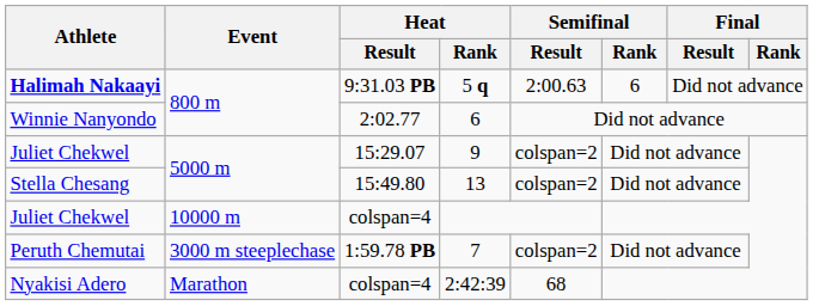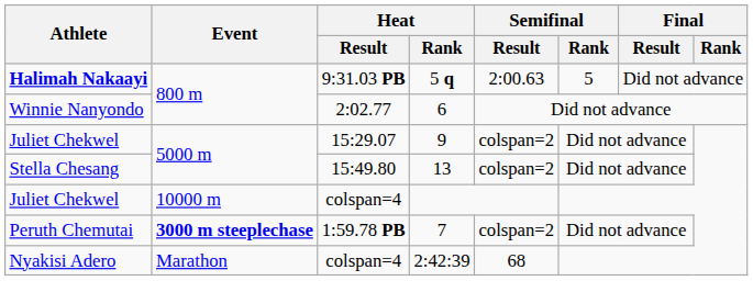 <table class="wikitable" style="font-size:90%">
 <tr>
 <th rowspan="2">Athlete</th>
 <th rowspan="2">Event</th>
 <th colspan="2">Heat</th>
 <th colspan="2">Semifinal</th>
 <th colspan="2">Final</th>
 </tr>
 <tr style="font-size:95%">
 <th>Result</th>
 <th>Rank</th>
 <th>Result</th>
 <th>Rank</th>
 <th>Result</th>
 <th>Rank</th>
 </tr>
 <tr align=center>
 <td align=left><strong><a href='#'>Halimah Nakaayi</a></strong></td>
 <td align=left rowspan=2><a href='#'>800 m</a></td>
 <td>9:31.03 <strong>PB</strong></td>
 <td>5 <strong>q</strong></td>
 <td>2:00.63</td>
-<td>6</td>
+<td>5</td>
 <td colspan=2>Did not advance</td>
 </tr>
 <tr align=center>
 <td align=left><a href='#'>Winnie Nanyondo</a></td>
 <td>2:02.77</td>
 <td>6</td>
 <td colspan=4>Did not advance</td>
 </tr>
 <tr align=center>
 <td align=left><a href='#'>Juliet Chekwel</a></td>
 <td align=left rowspan=2><a href='#'>5000 m</a></td>
 <td>15:29.07</td>
 <td>9</td>
 <td>colspan=2 </td>
 <td colspan=2>Did not advance</td>
 </tr>
 <tr align=center>
 <td align=left><a href='#'>Stella Chesang</a></td>
 <td>15:49.80</td>
 <td>13</td>
 <td>colspan=2 </td>
 <td colspan=2>Did not advance</td>
 </tr>
 <tr align=center>
 <td align=left><a href='#'>Juliet Chekwel</a></td>
 <td align=left><a href='#'>10000 m</a></td>
 <td>colspan=4 </td>
 <td colspan=2></td>
 </tr>
 <tr align=center>
 <td align=left><a href='#'>Peruth Chemutai</a></td>
-<td align=left><a href='#'>3000 m steeplechase</a></td>
+<td align=left><strong><a href='#'>3000 m steeplechase</a></strong></td>
 <td>1:59.78 <strong>PB</strong></td>
 <td>7</td>
 <td>colspan=2 </td>
 <td colspan=2>Did not advance</td>
 </tr>
 <tr align=center>
 <td align=left><a href='#'>Nyakisi Adero</a></td>
 <td align=left><a href='#'>Marathon</a></td>
 <td>colspan=4 </td>
 <td>2:42:39</td>
 <td>68</td>
 </tr>
 </table>
